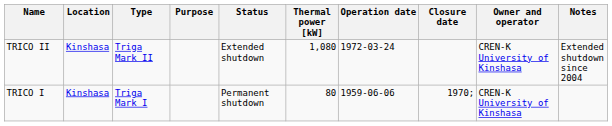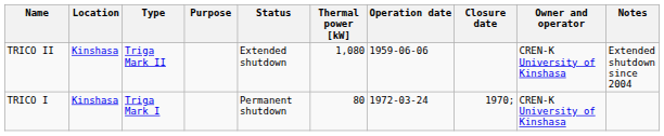 <table class="wikitable" >
 <tr valign="top">
 <th width="80">Name</th>
 <th width="65">Location</th>
 <th width="76">Type</th>
 <th width="65">Purpose</th>
 <th width="91">Status</th>
 <th width="70“">Thermal power [kW]</th>
 <th width=„67“>Operation date</th>
 <th width="78“">Closure date</th>
 <th width="113“">Owner and operator</th>
 <th width="65">Notes</th>
 </tr>
 <tr valign="top">
 <td>TRICO II</td>
 <td><a href='#'>Kinshasa</a></td>
 <td><a href='#'>Triga Mark II</a></td>
 <td></td>
 <td>Extended shutdown</td>
 <td align="right">1,080</td>
-<td>1972-03-24</td>
+<td>1959-06-06</td>
 <td></td>
 <td>CREN-K <a href='#'>University of Kinshasa</a></td>
 <td>Extended shutdown since 2004</td>
 </tr>
 <tr valign="top">
 <td>TRICO I</td>
 <td><a href='#'>Kinshasa</a></td>
 <td><a href='#'>Triga Mark I</a></td>
 <td></td>
 <td>Permanent shutdown</td>
 <td align="right">80</td>
-<td>1959-06-06</td>
+<td>1972-03-24</td>
 <td align="right">1970;</td>
 <td>CREN-K <a href='#'>University of Kinshasa</a></td>
 <td></td>
 </tr>
 </table>
